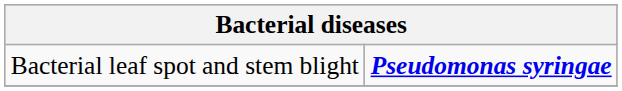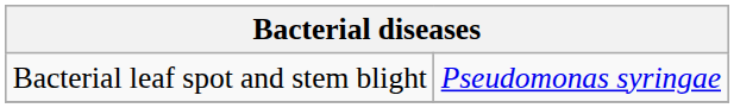 <table class="wikitable" style="clear">
 <tr>
 <th colspan=2><strong>Bacterial diseases</strong><br></th>
 </tr>
 <tr>
 <td>Bacterial leaf spot and stem blight</td>
-<td><strong><em><a href='#'>Pseudomonas syringae</a></em></strong></td>
+<td><em><a href='#'>Pseudomonas syringae</a></em></td>
 </tr>
 <tr>
 </tr>
 </table>
